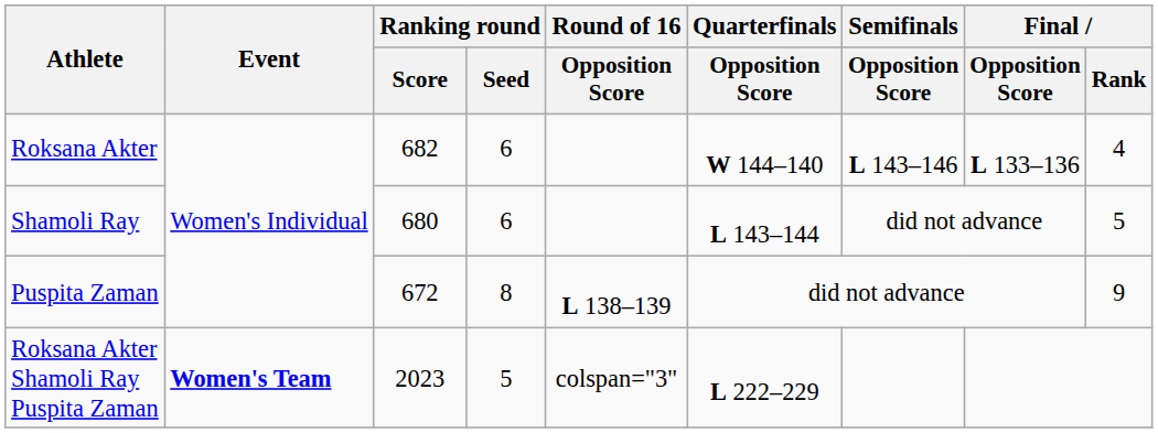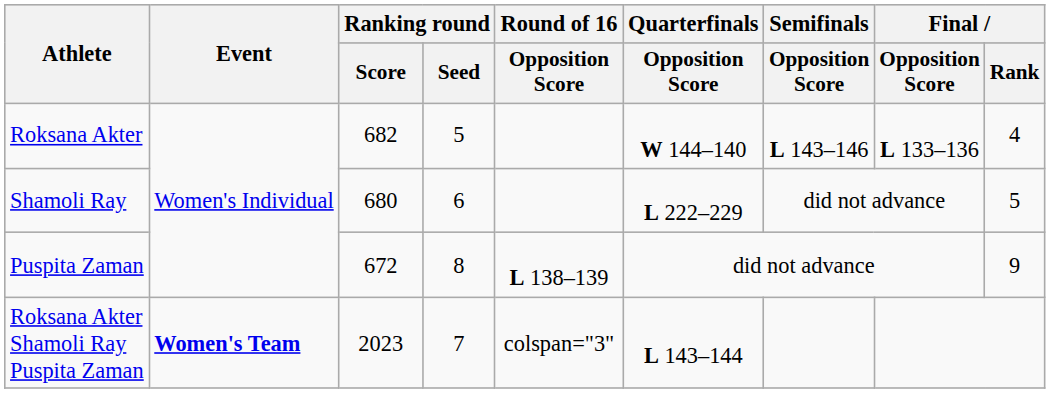 <table class=wikitable style=font-size:88%;text-align:center>
 <tr>
 <th rowspan=2>Athlete</th>
 <th rowspan=2>Event</th>
 <th colspan=2>Ranking round</th>
 <th>Round of 16</th>
 <th>Quarterfinals</th>
 <th>Semifinals</th>
 <th colspan=2>Final / </th>
 </tr>
 <tr style=font-size:95%>
 <th>Score</th>
 <th>Seed</th>
 <th>Opposition<br>Score</th>
 <th>Opposition<br>Score</th>
 <th>Opposition<br>Score</th>
 <th>Opposition<br>Score</th>
 <th>Rank</th>
 </tr>
 <tr>
 <td align=left><a href='#'>Roksana Akter</a></td>
 <td align=left rowspan=3><a href='#'>Women's Individual</a></td>
 <td>682</td>
-<td>6</td>
+<td>5</td>
 <td></td>
 <td><br><strong>W</strong> 144–140</td>
 <td><br><strong>L</strong> 143–146</td>
 <td><br><strong>L</strong> 133–136</td>
 <td>4</td>
 </tr>
 <tr>
 <td align=left><a href='#'>Shamoli Ray</a></td>
 <td>680</td>
 <td>6</td>
 <td></td>
-<td><br><strong>L</strong> 143–144</td>
+<td><br><strong>L</strong> 222–229</td>
 <td colspan="2">did not advance</td>
 <td>5</td>
 </tr>
 <tr>
 <td align=left><a href='#'>Puspita Zaman</a></td>
 <td>672</td>
 <td>8</td>
 <td><br><strong>L</strong> 138–139</td>
 <td colspan="3">did not advance</td>
 <td>9</td>
 </tr>
 <tr>
 <td align=left><a href='#'>Roksana Akter</a><br><a href='#'>Shamoli Ray</a><br><a href='#'>Puspita Zaman</a></td>
 <td align=left><strong><a href='#'>Women's Team</a></strong></td>
 <td>2023</td>
-<td>5</td>
+<td>7</td>
 <td>colspan="3" </td>
-<td><br><strong>L</strong> 222–229</td>
+<td><br><strong>L</strong> 143–144</td>
 <td></td>
 </tr>
 </table>
